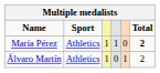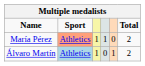 <table class="wikitable" style="font-size:85%; text-align:center;">
 <tr style="background:#efefef;">
 <th colspan=7><strong>Multiple medalists</strong></th>
 </tr>
 <tr align=center>
 <td><strong>Name</strong></td>
 <td><strong>Sport</strong></td>
 <td style="background:#f7f6a8;"></td>
 <td style="background:#dce5e5;"></td>
 <td style="background:#ffdab9;"></td>
 <td><strong>Total</strong></td>
 </tr>
 <tr align=center>
 <td><a href='#'>María Pérez</a></td>
-<td><a href='#'>Athletics</a></td>
+<td style="background: lightsalmon;"><a href='#'>Athletics</a></td>
 <td style="background:#f7f6a8;">1</td>
 <td style="background:#dce5e5;">1</td>
 <td style="background:#ffdab9;">0</td>
-<td><strong>2</strong></td>
+<td>2</td>
 </tr>
 <tr align=center>
 <td><a href='#'>Álvaro Martín</a></td>
-<td><a href='#'>Athletics</a></td>
+<td style="background: lightblue;"><a href='#'>Athletics</a></td>
 <td style="background:#f7f6a8;">1</td>
 <td style="background:#dce5e5;">0</td>
 <td style="background:#ffdab9;">1</td>
 <td>2</td>
 </tr>
 </table>
